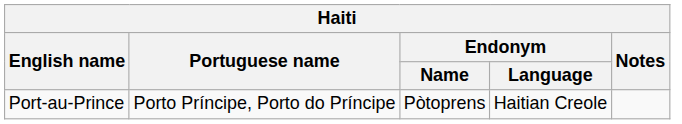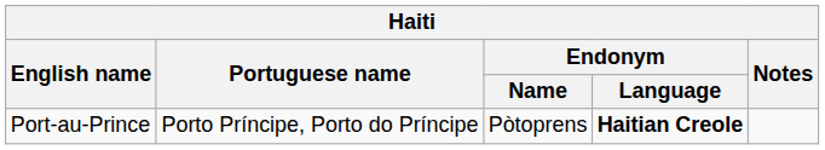 <table class="wikitable sortable">
 <tr>
 <th colspan="5"> Haiti</th>
 </tr>
 <tr>
 <th rowspan="2">English name</th>
 <th rowspan="2">Portuguese name</th>
 <th colspan="2">Endonym</th>
 <th rowspan="2">Notes</th>
 </tr>
 <tr>
 <th>Name</th>
 <th>Language</th>
 </tr>
 <tr>
 <td>Port-au-Prince</td>
 <td>Porto Príncipe, Porto do Príncipe</td>
 <td>Pòtoprens</td>
-<td>Haitian Creole</td>
+<td><strong>Haitian Creole</strong></td>
 <td></td>
 </tr>
 </table>
